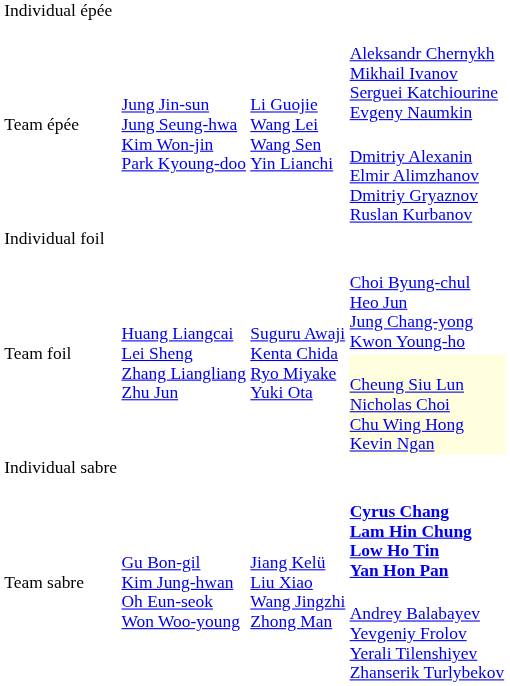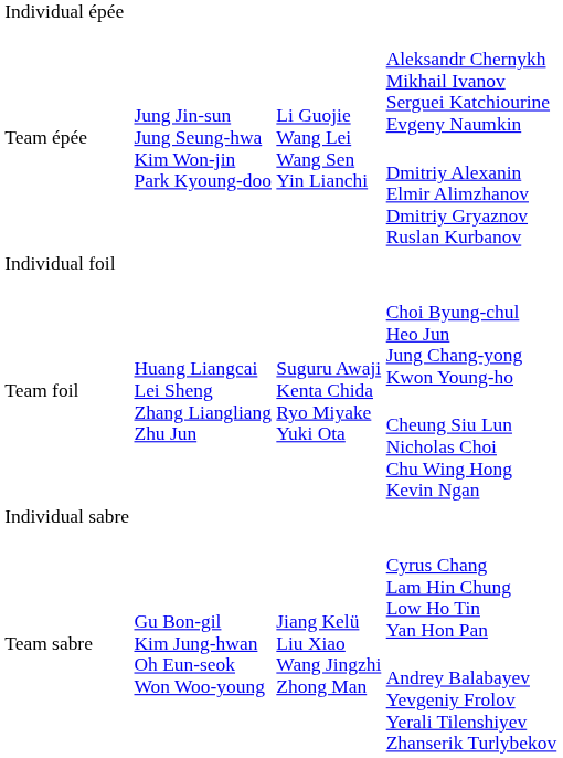 <table>
 <tr>
 <td rowspan=2>Individual épée</td>
 <td rowspan=2></td>
 <td rowspan=2></td>
 <td></td>
 </tr>
 <tr>
 <td></td>
 </tr>
 <tr>
 <td rowspan=2>Team épée</td>
 <td rowspan=2><br><a href='#'>Jung Jin-sun</a><br><a href='#'>Jung Seung-hwa</a><br><a href='#'>Kim Won-jin</a><br><a href='#'>Park Kyoung-doo</a></td>
 <td rowspan=2><br><a href='#'>Li Guojie</a><br><a href='#'>Wang Lei</a><br><a href='#'>Wang Sen</a><br><a href='#'>Yin Lianchi</a></td>
 <td><br><a href='#'>Aleksandr Chernykh</a><br><a href='#'>Mikhail Ivanov</a><br><a href='#'>Serguei Katchiourine</a><br><a href='#'>Evgeny Naumkin</a></td>
 </tr>
 <tr>
 <td><br><a href='#'>Dmitriy Alexanin</a><br><a href='#'>Elmir Alimzhanov</a><br><a href='#'>Dmitriy Gryaznov</a><br><a href='#'>Ruslan Kurbanov</a></td>
 </tr>
 <tr>
 <td rowspan=2>Individual foil</td>
 <td rowspan=2></td>
 <td rowspan=2></td>
 <td></td>
 </tr>
 <tr>
 <td></td>
 </tr>
 <tr>
 <td rowspan=2>Team foil</td>
 <td rowspan=2><br><a href='#'>Huang Liangcai</a><br><a href='#'>Lei Sheng</a><br><a href='#'>Zhang Liangliang</a><br><a href='#'>Zhu Jun</a></td>
 <td rowspan=2><br><a href='#'>Suguru Awaji</a><br><a href='#'>Kenta Chida</a><br><a href='#'>Ryo Miyake</a><br><a href='#'>Yuki Ota</a></td>
 <td><br><a href='#'>Choi Byung-chul</a><br><a href='#'>Heo Jun</a><br><a href='#'>Jung Chang-yong</a><br><a href='#'>Kwon Young-ho</a></td>
 </tr>
 <tr>
-<td style="background: lightyellow;"><br><a href='#'>Cheung Siu Lun</a><br><a href='#'>Nicholas Choi</a><br><a href='#'>Chu Wing Hong</a><br><a href='#'>Kevin Ngan</a></td>
+<td><br><a href='#'>Cheung Siu Lun</a><br><a href='#'>Nicholas Choi</a><br><a href='#'>Chu Wing Hong</a><br><a href='#'>Kevin Ngan</a></td>
 </tr>
 <tr>
 <td rowspan=2>Individual sabre</td>
 <td rowspan=2></td>
 <td rowspan=2></td>
 <td></td>
 </tr>
 <tr>
 <td></td>
 </tr>
 <tr>
 <td rowspan=2>Team sabre</td>
 <td rowspan=2><br><a href='#'>Gu Bon-gil</a><br><a href='#'>Kim Jung-hwan</a><br><a href='#'>Oh Eun-seok</a><br><a href='#'>Won Woo-young</a></td>
 <td rowspan=2><br><a href='#'>Jiang Kelü</a><br><a href='#'>Liu Xiao</a><br><a href='#'>Wang Jingzhi</a><br><a href='#'>Zhong Man</a></td>
-<td><strong><br><a href='#'>Cyrus Chang</a><br><a href='#'>Lam Hin Chung</a><br><a href='#'>Low Ho Tin</a><br><a href='#'>Yan Hon Pan</a></strong></td>
+<td><br><a href='#'>Cyrus Chang</a><br><a href='#'>Lam Hin Chung</a><br><a href='#'>Low Ho Tin</a><br><a href='#'>Yan Hon Pan</a></td>
 </tr>
 <tr>
 <td><br><a href='#'>Andrey Balabayev</a><br><a href='#'>Yevgeniy Frolov</a><br><a href='#'>Yerali Tilenshiyev</a><br><a href='#'>Zhanserik Turlybekov</a></td>
 </tr>
 </table>
